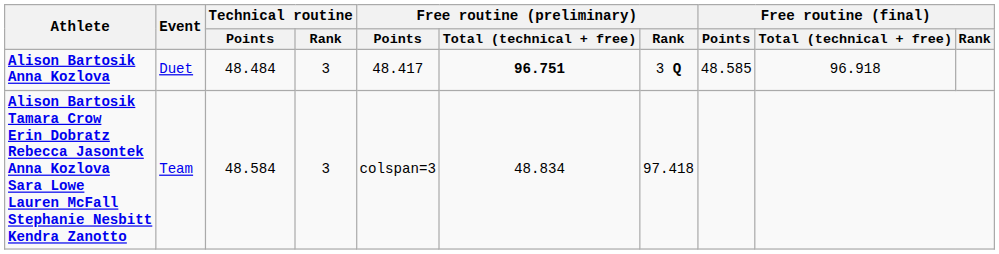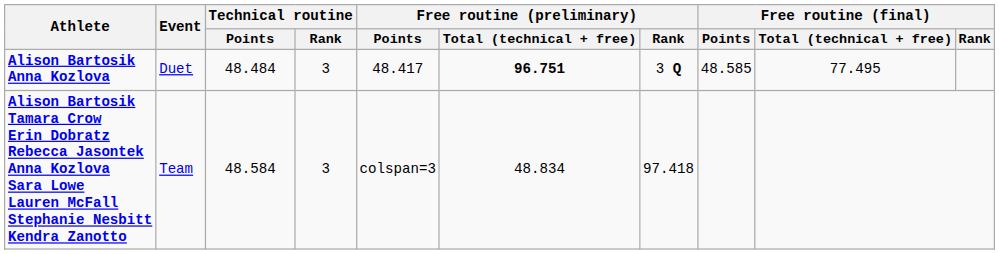 <table class=wikitable style=font-size:90%;text-align:center>
 <tr>
 <th rowspan=2>Athlete</th>
 <th rowspan=2>Event</th>
 <th colspan=2>Technical routine</th>
 <th colspan=3>Free routine (preliminary)</th>
 <th colspan=3>Free routine (final)</th>
 </tr>
 <tr style=font-size:95%>
 <th>Points</th>
 <th>Rank</th>
 <th>Points</th>
 <th>Total (technical + free)</th>
 <th>Rank</th>
 <th>Points</th>
 <th>Total (technical + free)</th>
 <th>Rank</th>
 </tr>
 <tr>
 <td align=left><strong><a href='#'>Alison Bartosik</a><br><a href='#'>Anna Kozlova</a></strong></td>
 <td align=left><a href='#'>Duet</a></td>
 <td>48.484</td>
 <td>3</td>
 <td>48.417</td>
 <td><strong>96.751</strong></td>
 <td>3 <strong>Q</strong></td>
 <td>48.585</td>
-<td>96.918</td>
+<td>77.495</td>
 <td></td>
 </tr>
 <tr>
 <td align=left><strong><a href='#'>Alison Bartosik</a><br><a href='#'>Tamara Crow</a><br><a href='#'>Erin Dobratz</a><br><a href='#'>Rebecca Jasontek</a><br><a href='#'>Anna Kozlova</a><br><a href='#'>Sara Lowe</a><br><a href='#'>Lauren McFall</a><br><a href='#'>Stephanie Nesbitt</a><br><a href='#'>Kendra Zanotto</a></strong></td>
 <td align=left><a href='#'>Team</a></td>
 <td>48.584</td>
 <td>3</td>
 <td>colspan=3 </td>
 <td>48.834</td>
 <td>97.418</td>
 <td></td>
 </tr>
 </table>
